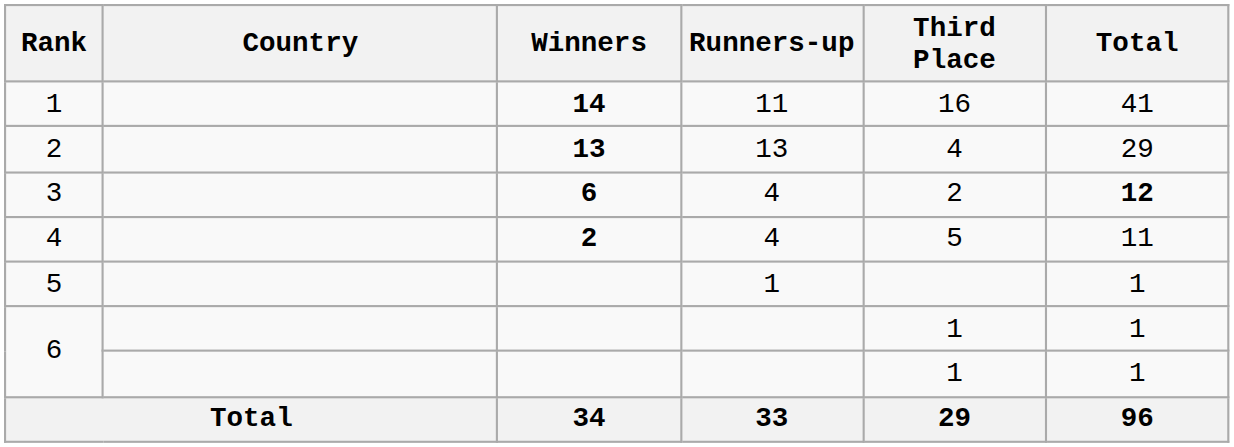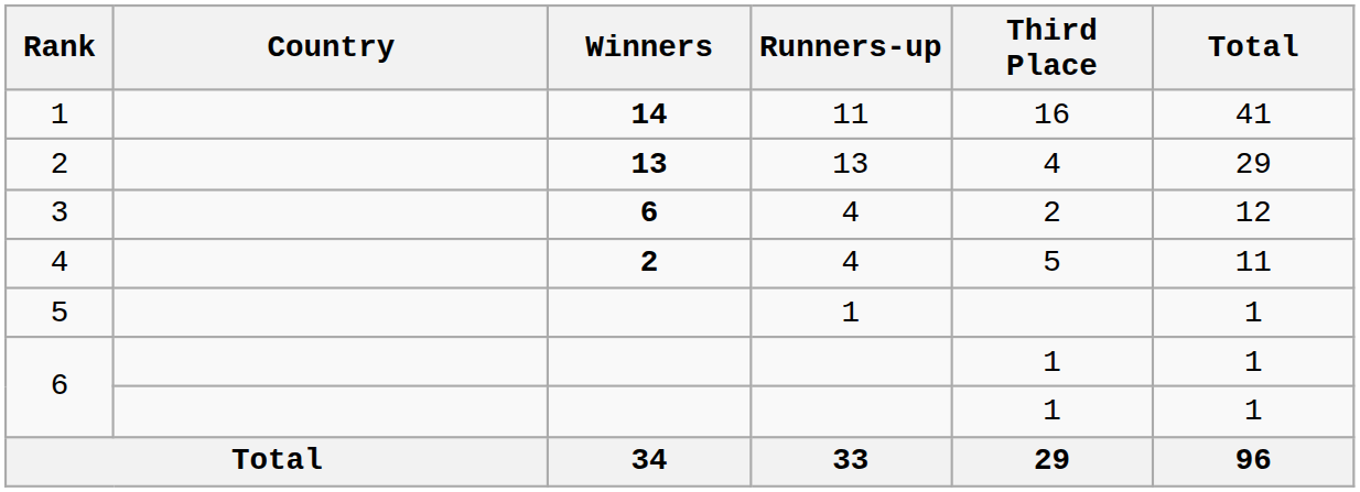 <table class="wikitable" style="text-align:center">
 <tr>
 <th width=40>Rank</th>
 <th width=180>Country</th>
 <th width=80>Winners</th>
 <th width=80>Runners-up</th>
 <th width=80>Third Place</th>
 <th width=80>Total</th>
 </tr>
 <tr>
 <td>1</td>
 <td style="text-align:left"></td>
 <td><strong>14</strong></td>
 <td>11</td>
 <td>16</td>
 <td>41</td>
 </tr>
 <tr>
 <td>2</td>
 <td style="text-align:left"></td>
 <td><strong>13</strong></td>
 <td>13</td>
 <td>4</td>
 <td>29</td>
 </tr>
 <tr>
 <td>3</td>
 <td style="text-align:left"></td>
 <td><strong>6</strong></td>
 <td>4</td>
 <td>2</td>
-<td><strong>12</strong></td>
+<td>12</td>
 </tr>
 <tr>
 <td>4</td>
 <td style="text-align:left"></td>
 <td><strong>2</strong></td>
 <td>4</td>
 <td>5</td>
 <td>11</td>
 </tr>
 <tr>
 <td>5</td>
 <td style="text-align:left"></td>
 <td></td>
 <td>1</td>
 <td></td>
 <td>1</td>
 </tr>
 <tr>
 <td rowspan=2>6</td>
 <td style="text-align:left"></td>
 <td></td>
 <td></td>
 <td>1</td>
 <td>1</td>
 </tr>
 <tr>
 <td style="text-align:left"></td>
 <td></td>
 <td></td>
 <td>1</td>
 <td>1</td>
 </tr>
 <tr>
 <th colspan=2>Total</th>
 <th>34</th>
 <th>33</th>
 <th>29</th>
 <th>96</th>
 </tr>
 </table>
